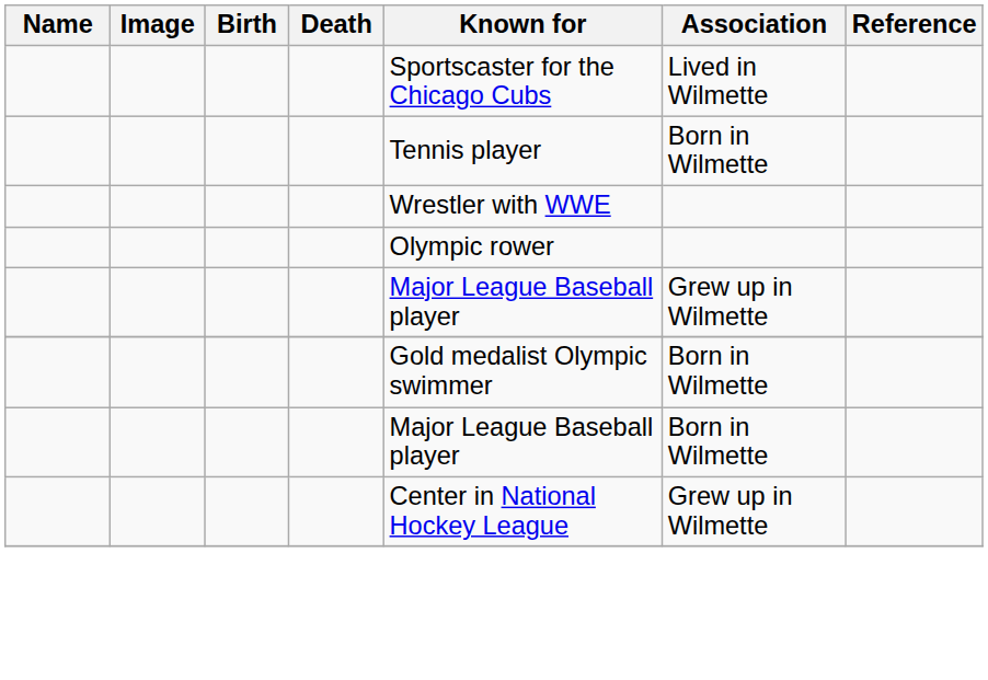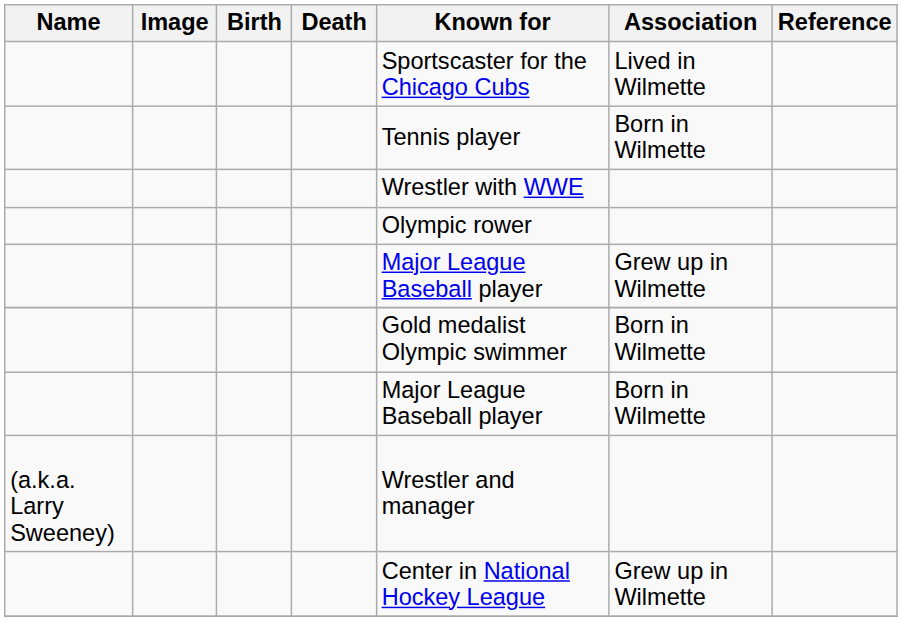 <table class="wikitable sortable">
 <tr>
 <th scope="col" width="140">Name</th>
 <th scope="col" width="80" class="unsortable">Image</th>
 <th scope="col" width="90">Birth</th>
 <th scope="col" width="90">Death</th>
 <th scope="col" width="600" class="unsortable">Known for</th>
 <th scope="col" width="200" class="unsortable">Association</th>
 <th scope="col" width="30" class="unsortable">Reference</th>
 </tr>
 <tr>
 <td></td>
 <td></td>
 <td align=right></td>
 <td align=right></td>
 <td>Sportscaster for the <a href='#'>Chicago Cubs</a></td>
 <td>Lived in Wilmette</td>
 <td align="center"></td>
 </tr>
 <tr>
 <td></td>
 <td></td>
 <td align=right></td>
 <td align=right></td>
 <td>Tennis player</td>
 <td>Born in Wilmette</td>
 <td align="center"></td>
 </tr>
 <tr>
 <td></td>
 <td></td>
 <td align=right></td>
 <td></td>
 <td>Wrestler with <a href='#'>WWE</a></td>
 <td></td>
 <td align="center"></td>
 </tr>
 <tr>
 <td></td>
 <td></td>
 <td align=right></td>
 <td></td>
 <td>Olympic rower</td>
 <td></td>
 <td align="center"></td>
 </tr>
 <tr>
 <td></td>
 <td></td>
 <td align=right></td>
 <td></td>
 <td><a href='#'>Major League Baseball</a> player</td>
 <td>Grew up in Wilmette</td>
 <td align=center></td>
 </tr>
 <tr>
 </tr>
 <tr>
 <td></td>
 <td></td>
 <td align=right></td>
 <td align=right></td>
 <td>Gold medalist Olympic swimmer</td>
 <td>Born in Wilmette</td>
 <td align="center"></td>
 </tr>
 <tr>
 <td></td>
 <td></td>
 <td></td>
 <td></td>
 <td>Major League Baseball player</td>
 <td>Born in Wilmette</td>
 <td align="center"></td>
 </tr>
 <tr>
+<td><br>(a.k.a. Larry Sweeney)</td>
+<td></td>
+<td align=right></td>
+<td align=right></td>
+<td>Wrestler and manager</td>
+<td></td>
+<td align="center"></td>
+</tr>
+<tr>
 <td></td>
 <td></td>
 <td align=right></td>
 <td></td>
 <td>Center in <a href='#'>National Hockey League</a></td>
 <td>Grew up in Wilmette</td>
 <td align="center"></td>
 </tr>
 <tr>
 </tr>
 </table>
